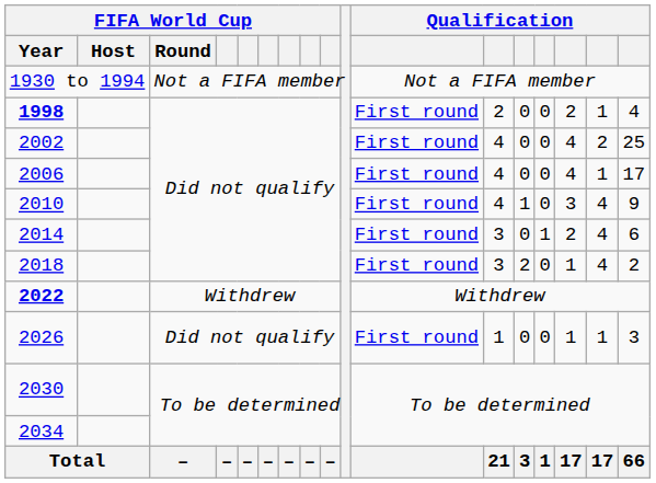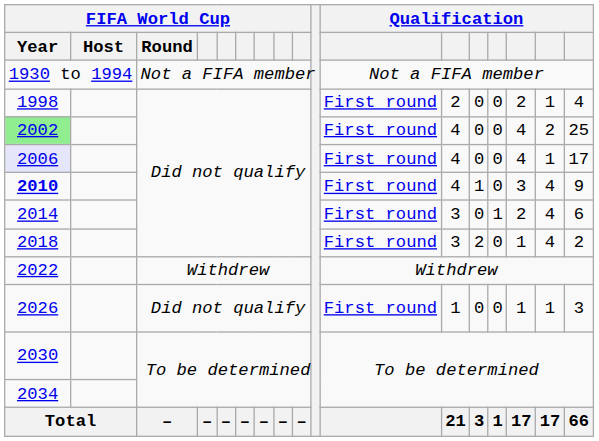 <table class="wikitable" style="text-align: center;">
 <tr>
 <th colspan=9><a href='#'>FIFA World Cup</a></th>
 <th rowspan=39></th>
 <th colspan=7><a href='#'>Qualification</a></th>
 </tr>
 <tr>
 <th>Year</th>
 <th>Host</th>
 <th>Round</th>
 <th></th>
 <th></th>
 <th></th>
 <th></th>
 <th></th>
 <th></th>
 <th></th>
 <th></th>
 <th></th>
 <th></th>
 <th></th>
 <th></th>
 <th></th>
 </tr>
 <tr>
 <td colspan=2><a href='#'>1930</a> to <a href='#'>1994</a></td>
 <td colspan=8><em>Not a FIFA member</em></td>
 <td colspan=7><em>Not a FIFA member</em></td>
 </tr>
 <tr>
-<td><strong><a href='#'>1998</a></strong></td>
+<td><a href='#'>1998</a></td>
 <td align=left></td>
 <td colspan=8 rowspan=6><em>Did not qualify</em></td>
 <td><a href='#'>First round</a></td>
 <td>2</td>
 <td>0</td>
 <td>0</td>
 <td>2</td>
 <td>1</td>
 <td>4</td>
 </tr>
 <tr>
-<td><a href='#'>2002</a></td>
+<td style="background: lightgreen;"><a href='#'>2002</a></td>
 <td align=left><br></td>
 <td><a href='#'>First round</a></td>
 <td>4</td>
 <td>0</td>
 <td>0</td>
 <td>4</td>
 <td>2</td>
 <td>25</td>
 </tr>
 <tr>
-<td><a href='#'>2006</a></td>
+<td style="background: lavender;"><a href='#'>2006</a></td>
 <td align=left></td>
 <td><a href='#'>First round</a></td>
 <td>4</td>
 <td>0</td>
 <td>0</td>
 <td>4</td>
 <td>1</td>
 <td>17</td>
 </tr>
 <tr>
-<td><a href='#'>2010</a></td>
+<td><strong><a href='#'>2010</a></strong></td>
 <td align=left></td>
 <td><a href='#'>First round</a></td>
 <td>4</td>
 <td>1</td>
 <td>0</td>
 <td>3</td>
 <td>4</td>
 <td>9</td>
 </tr>
 <tr>
 <td><a href='#'>2014</a></td>
 <td align=left></td>
 <td><a href='#'>First round</a></td>
 <td>3</td>
 <td>0</td>
 <td>1</td>
 <td>2</td>
 <td>4</td>
 <td>6</td>
 </tr>
 <tr>
 <td><a href='#'>2018</a></td>
 <td align=left></td>
 <td><a href='#'>First round</a></td>
 <td>3</td>
 <td>2</td>
 <td>0</td>
 <td>1</td>
 <td>4</td>
 <td>2</td>
 </tr>
 <tr>
-<td><strong><a href='#'>2022</a></strong></td>
+<td><a href='#'>2022</a></td>
 <td align=left></td>
 <td colspan=8><em>Withdrew</em></td>
 <td colspan=7><em>Withdrew</em></td>
 </tr>
 <tr>
 <td><a href='#'>2026</a></td>
 <td align=left><br><br></td>
 <td colspan=8 rowspan=1><em>Did not qualify</em></td>
 <td><a href='#'>First round</a></td>
 <td>1</td>
 <td>0</td>
 <td>0</td>
 <td>1</td>
 <td>1</td>
 <td>3</td>
 </tr>
 <tr>
 <td><a href='#'>2030</a></td>
 <td align=left><br><br></td>
 <td colspan=8 rowspan=2><em>To be determined</em></td>
 <td colspan=7 rowspan=2><em>To be determined</em></td>
 </tr>
 <tr>
 <td><a href='#'>2034</a></td>
 <td align=left></td>
 </tr>
 <tr>
 <th colspan=2>Total</th>
 <th>–</th>
 <th>–</th>
 <th>–</th>
 <th>–</th>
 <th>–</th>
 <th>–</th>
 <th>–</th>
 <th></th>
 <th>21</th>
 <th>3</th>
 <th>1</th>
 <th>17</th>
 <th>17</th>
 <th>66</th>
 </tr>
 </table>
